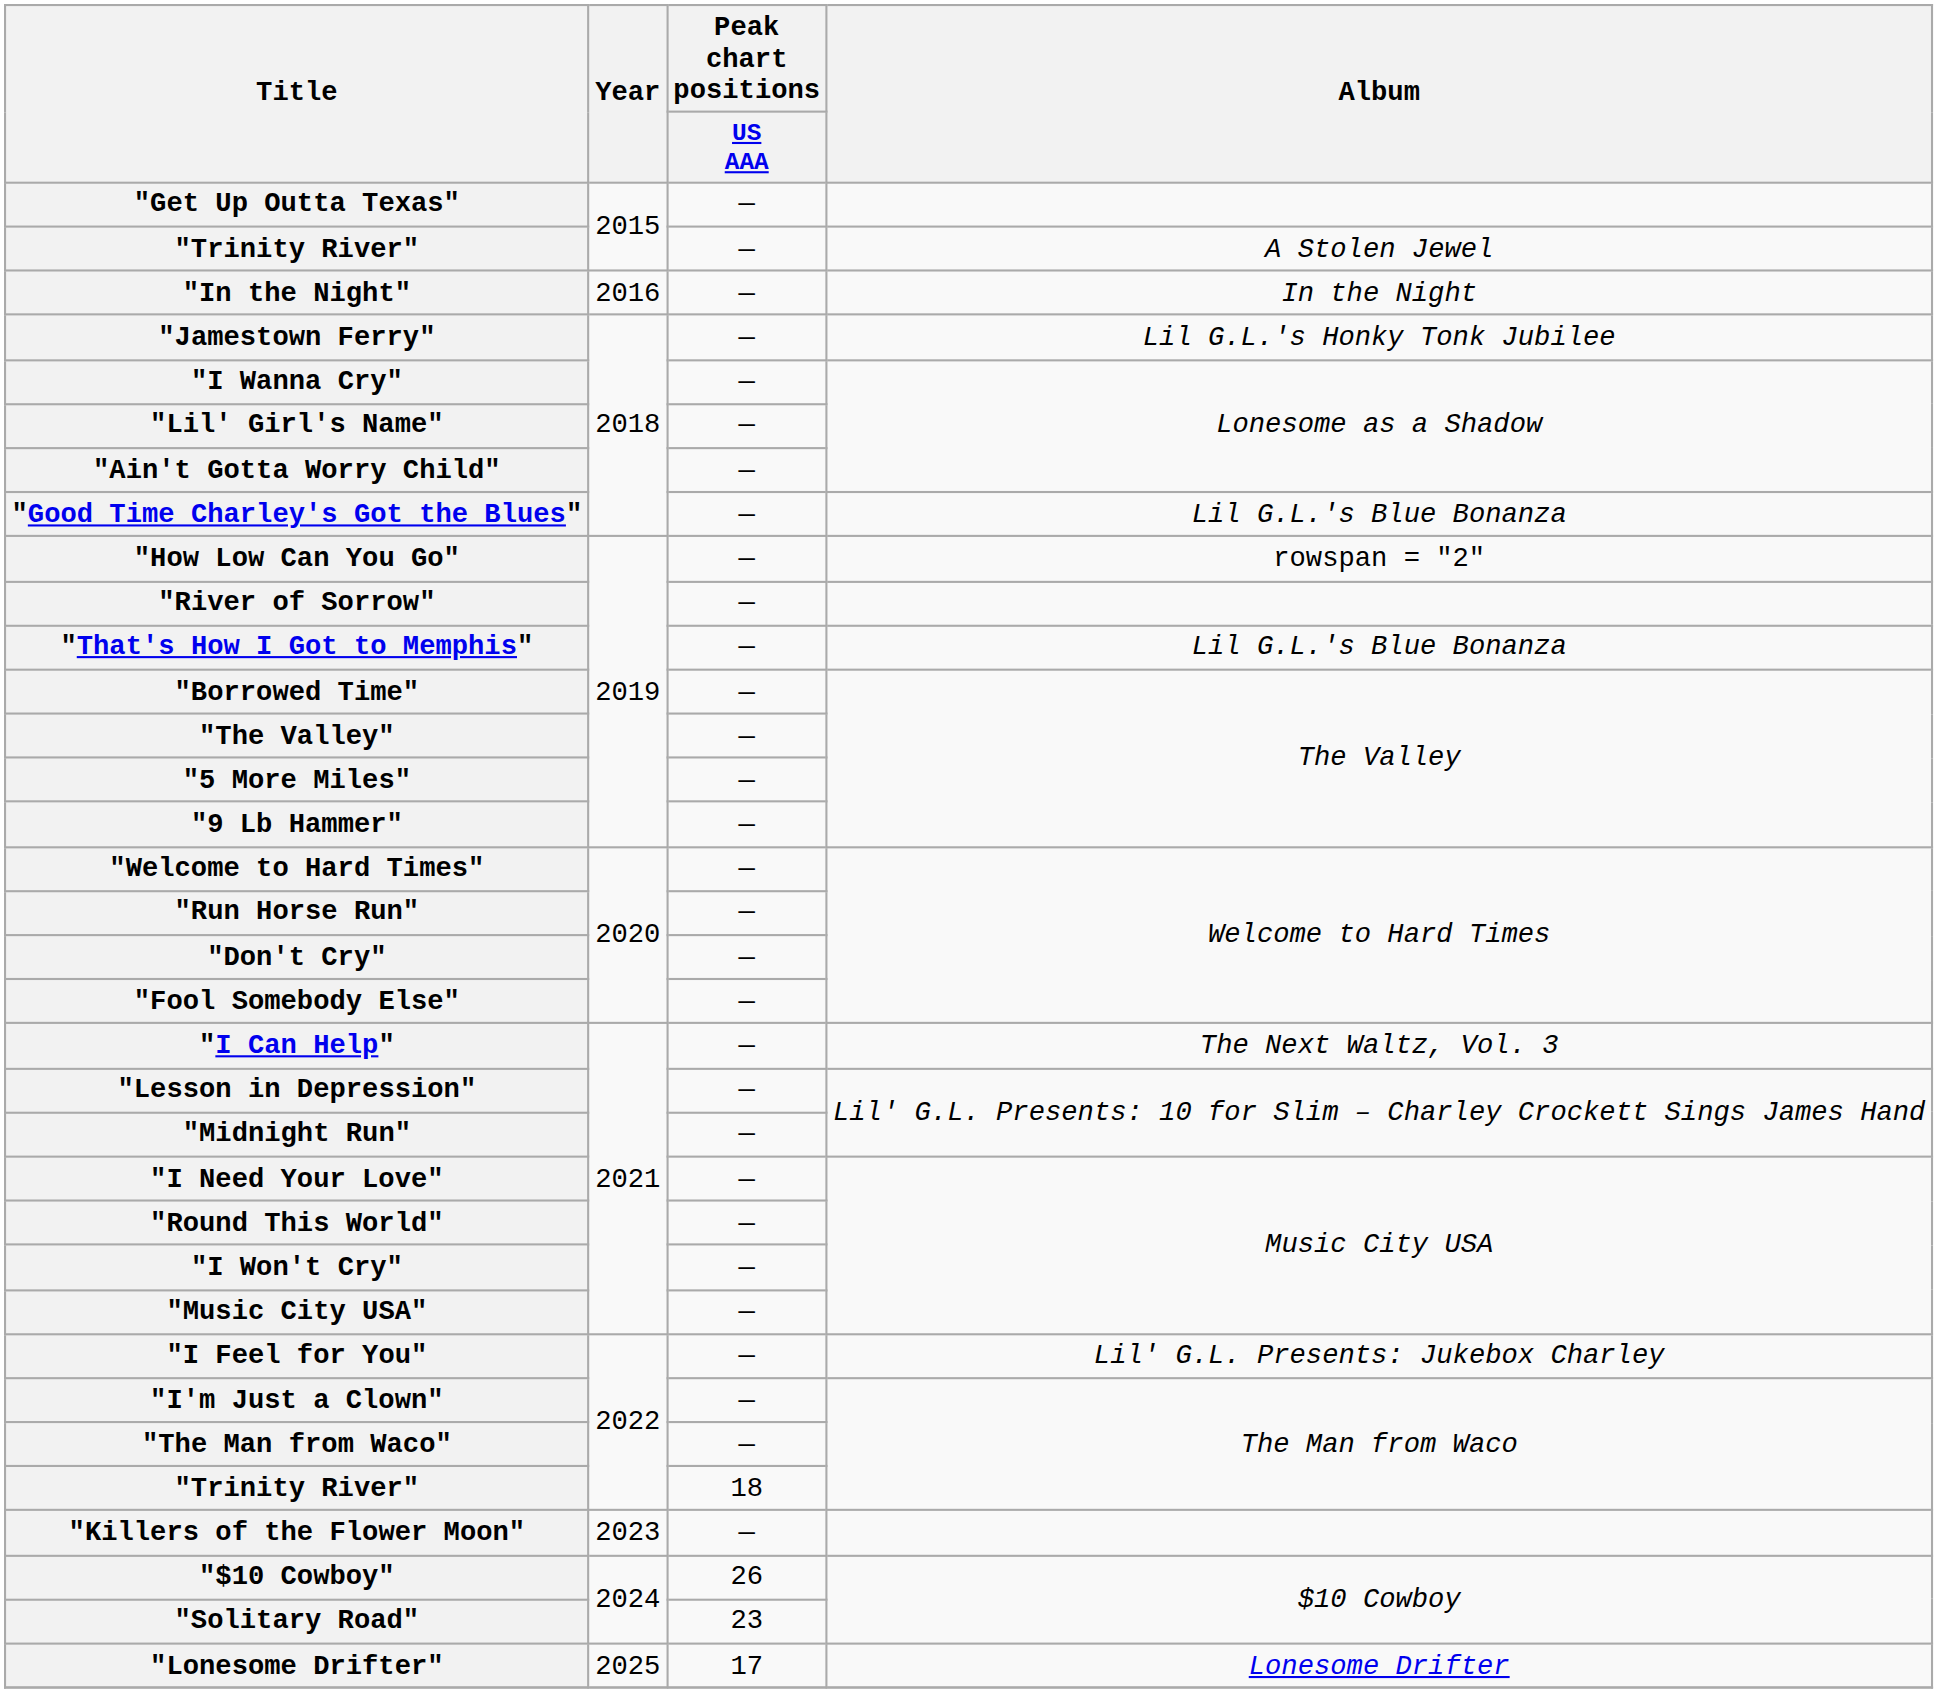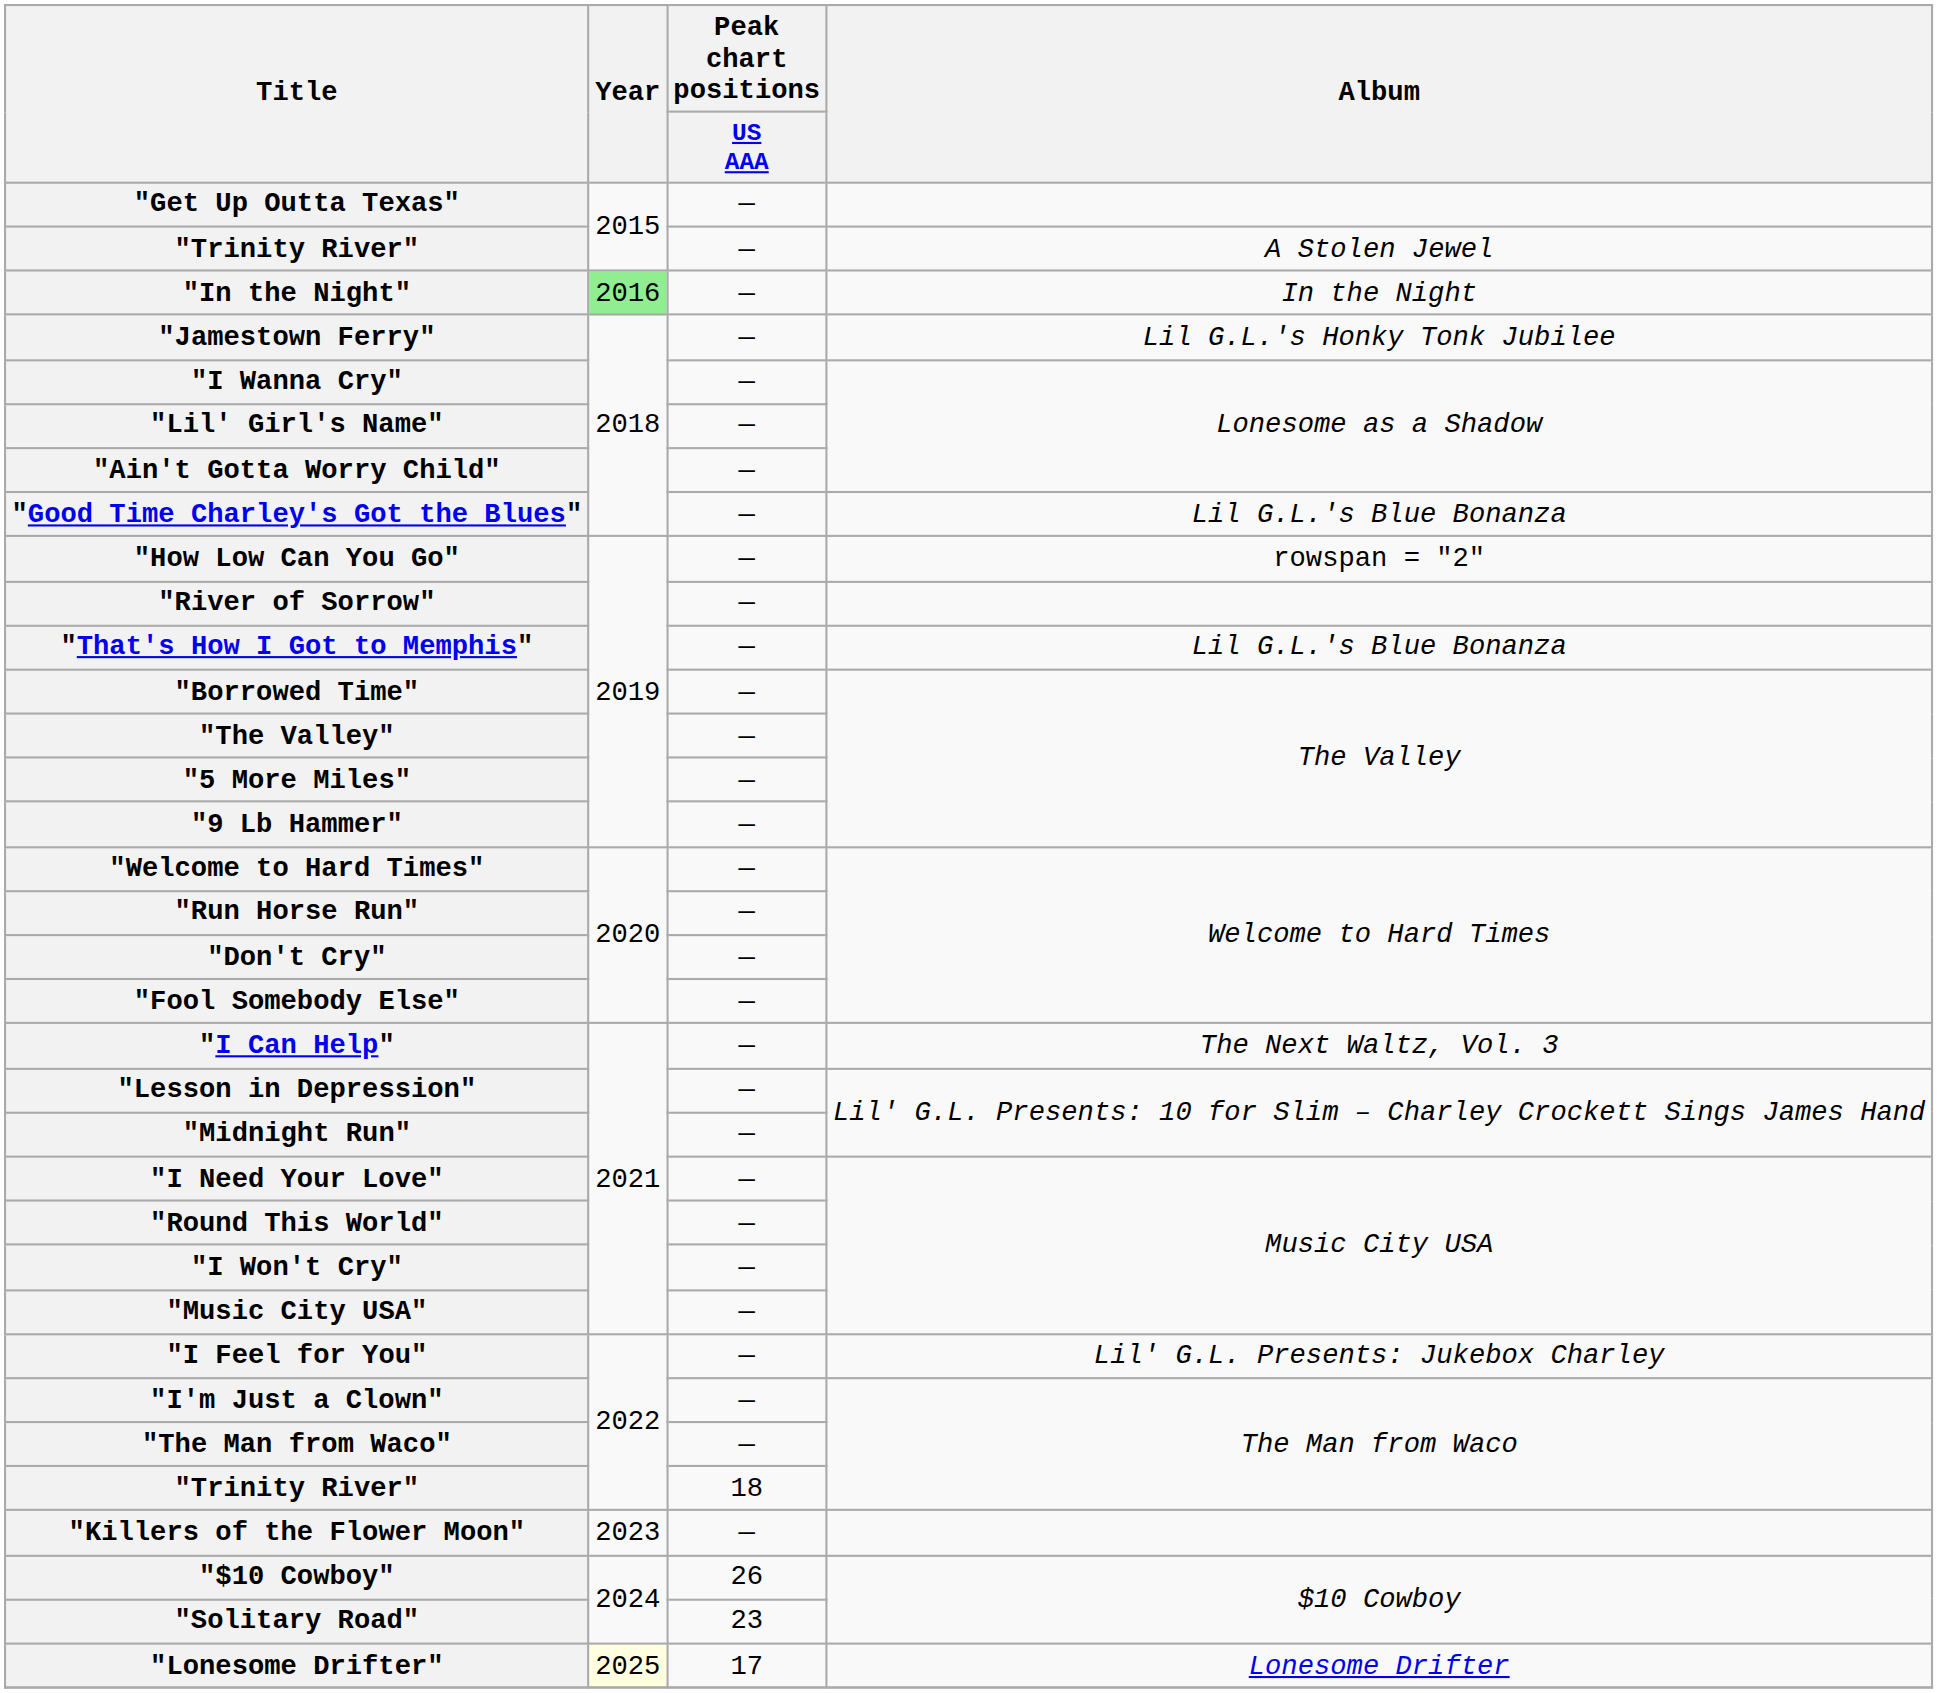 <table class="wikitable plainrowheaders" style="text-align:center;">
 <tr>
 <th scope="col" rowspan="2">Title</th>
 <th scope="col" rowspan="2">Year</th>
 <th>Peak chart positions</th>
 <th scope="col" rowspan="2">Album</th>
 </tr>
 <tr>
 <th scope="col" style="width:3em;font-size:90%;"><a href='#'>US<br>AAA</a><br></th>
 </tr>
 <tr>
 <th scope = "row">"Get Up Outta Texas"</th>
 <td rowspan = "2">2015</td>
 <td>—</td>
 <td></td>
 </tr>
 <tr>
 <th scope = "row">"Trinity River"</th>
 <td>—</td>
 <td><em>A Stolen Jewel</em></td>
 </tr>
 <tr>
 <th scope = "row">"In the Night"</th>
-<td>2016</td>
+<td style="background: lightgreen;">2016</td>
 <td>—</td>
 <td><em>In the Night</em></td>
 </tr>
 <tr>
 <th scope = "row">"Jamestown Ferry"</th>
 <td rowspan = "5">2018</td>
 <td>—</td>
 <td><em>Lil G.L.'s Honky Tonk Jubilee</em></td>
 </tr>
 <tr>
 <th scope = "row">"I Wanna Cry"</th>
 <td>—</td>
 <td rowspan = "3"><em>Lonesome as a Shadow</em></td>
 </tr>
 <tr>
 <th scope = "row">"Lil' Girl's Name"</th>
 <td>—</td>
 </tr>
 <tr>
 <th scope = "row">"Ain't Gotta Worry Child"</th>
 <td>—</td>
 </tr>
 <tr>
 <th scope = "row">"<a href='#'>Good Time Charley's Got the Blues</a>"</th>
 <td>—</td>
 <td><em>Lil G.L.'s Blue Bonanza</em></td>
 </tr>
 <tr>
 <th scope = "row">"How Low Can You Go"</th>
 <td rowspan = "7">2019</td>
 <td>—</td>
 <td>rowspan = "2" </td>
 </tr>
 <tr>
 <th scope = "row">"River of Sorrow"</th>
 <td>—</td>
 </tr>
 <tr>
 <th scope = "row">"<a href='#'>That's How I Got to Memphis</a>"</th>
 <td>—</td>
 <td><em>Lil G.L.'s Blue Bonanza</em></td>
 </tr>
 <tr>
 <th scope = "row">"Borrowed Time"</th>
 <td>—</td>
 <td rowspan = "4"><em>The Valley</em></td>
 </tr>
 <tr>
 <th scope = "row">"The Valley"</th>
 <td>—</td>
 </tr>
 <tr>
 <th scope = "row">"5 More Miles"</th>
 <td>—</td>
 </tr>
 <tr>
 <th scope = "row">"9 Lb Hammer"</th>
 <td>—</td>
 </tr>
 <tr>
 <th scope = "row">"Welcome to Hard Times"</th>
 <td rowspan = "4">2020</td>
 <td>—</td>
 <td rowspan = "4"><em>Welcome to Hard Times</em></td>
 </tr>
 <tr>
 <th scope = "row">"Run Horse Run"</th>
 <td>—</td>
 </tr>
 <tr>
 <th scope = "row">"Don't Cry"</th>
 <td>—</td>
 </tr>
 <tr>
 <th scope = "row">"Fool Somebody Else"</th>
 <td>—</td>
 </tr>
 <tr>
 <th scope = "row">"<a href='#'>I Can Help</a>"</th>
 <td rowspan = "7">2021</td>
 <td>—</td>
 <td><em>The Next Waltz, Vol. 3</em></td>
 </tr>
 <tr>
 <th scope = "row">"Lesson in Depression"</th>
 <td>—</td>
 <td rowspan = "2"><em>Lil' G.L. Presents: 10 for Slim – Charley Crockett Sings James Hand</em></td>
 </tr>
 <tr>
 <th scope = "row">"Midnight Run"</th>
 <td>—</td>
 </tr>
 <tr>
 <th scope = "row">"I Need Your Love"</th>
 <td>—</td>
 <td rowspan = "4"><em> Music City USA </em></td>
 </tr>
 <tr>
 <th scope = "row">"Round This World"</th>
 <td>—</td>
 </tr>
 <tr>
 <th scope = "row">"I Won't Cry"</th>
 <td>—</td>
 </tr>
 <tr>
 <th scope = "row">"Music City USA"</th>
 <td>—</td>
 </tr>
 <tr>
 <th scope = "row">"I Feel for You"</th>
 <td rowspan = "4">2022</td>
 <td>—</td>
 <td rowspan = "1"><em>Lil' G.L. Presents: Jukebox Charley</em></td>
 </tr>
 <tr>
 <th scope = "row">"I'm Just a Clown"</th>
 <td>—</td>
 <td rowspan = "3"><em>The Man from Waco</em></td>
 </tr>
 <tr>
 <th scope = "row">"The Man from Waco"</th>
 <td>—</td>
 </tr>
 <tr>
 <th scope = "row">"Trinity River"</th>
 <td>18</td>
 </tr>
 <tr>
 <th scope = "row">"Killers of the Flower Moon"</th>
 <td rowspan = "1">2023</td>
 <td>—</td>
 <td></td>
 </tr>
 <tr>
 <th scope = "row">"$10 Cowboy"</th>
 <td rowspan = "2">2024</td>
 <td>26</td>
 <td rowspan="2"><em>$10 Cowboy</em></td>
 </tr>
 <tr>
 <th scope = "row">"Solitary Road"</th>
 <td>23</td>
 </tr>
 <tr>
 <th scope = "row">"Lonesome Drifter"</th>
-<td rowspan = "1">2025</td>
+<td rowspan = "1" style="background: lightyellow;">2025</td>
 <td>17</td>
 <td rowspan="1"><em><a href='#'>Lonesome Drifter</a></em></td>
 </tr>
 <tr>
 </tr>
 </table>
